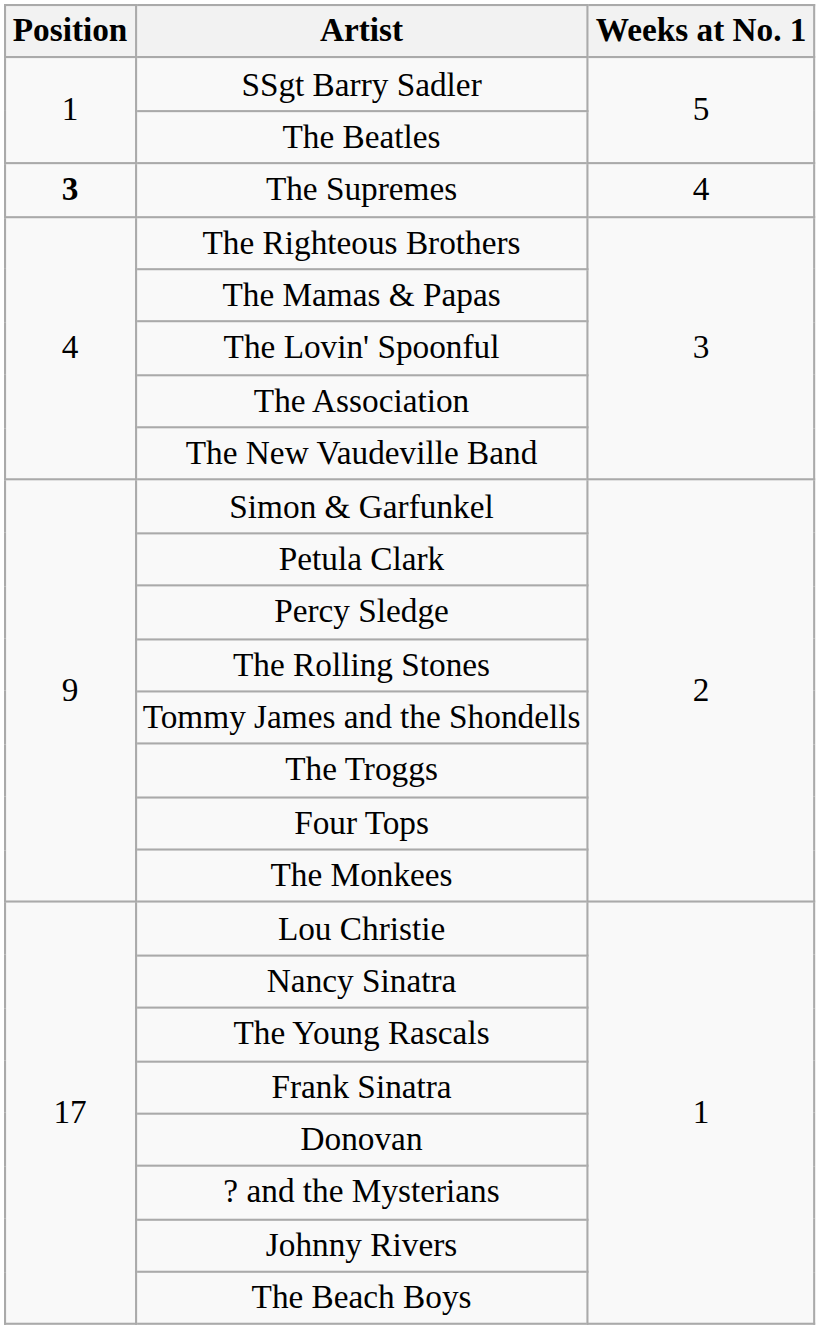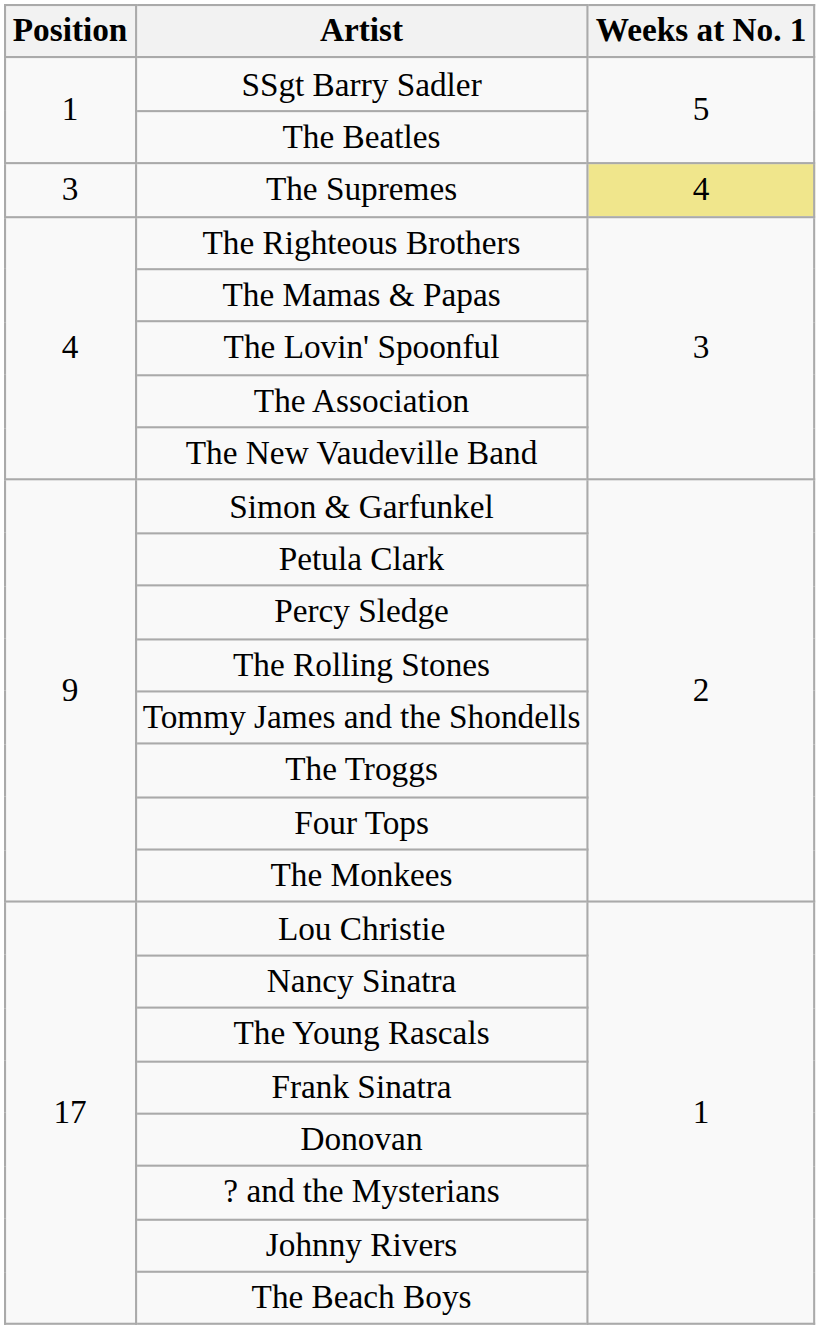 <table class="wikitable plainrowheaders" style="text-align:center;">
 <tr>
 <th>Position</th>
 <th>Artist</th>
 <th>Weeks at No. 1</th>
 </tr>
 <tr>
 <td rowspan=2>1</td>
 <td>SSgt Barry Sadler</td>
 <td rowspan=2>5</td>
 </tr>
 <tr>
 <td>The Beatles</td>
 </tr>
 <tr>
-<td><strong>3</strong></td>
+<td>3</td>
 <td>The Supremes</td>
-<td>4</td>
+<td style="background: khaki;">4</td>
 </tr>
 <tr>
 <td rowspan=5>4</td>
 <td>The Righteous Brothers</td>
 <td rowspan=5>3</td>
 </tr>
 <tr>
 <td>The Mamas & Papas</td>
 </tr>
 <tr>
 <td>The Lovin' Spoonful</td>
 </tr>
 <tr>
 <td>The Association</td>
 </tr>
 <tr>
 <td>The New Vaudeville Band</td>
 </tr>
 <tr>
 <td rowspan=8>9</td>
 <td>Simon & Garfunkel</td>
 <td rowspan=8>2</td>
 </tr>
 <tr>
 <td>Petula Clark</td>
 </tr>
 <tr>
 <td>Percy Sledge</td>
 </tr>
 <tr>
 <td>The Rolling Stones</td>
 </tr>
 <tr>
 <td>Tommy James and the Shondells</td>
 </tr>
 <tr>
 <td>The Troggs</td>
 </tr>
 <tr>
 <td>Four Tops</td>
 </tr>
 <tr>
 <td>The Monkees</td>
 </tr>
 <tr>
 <td rowspan=8>17</td>
 <td>Lou Christie</td>
 <td rowspan=8>1</td>
 </tr>
 <tr>
 <td>Nancy Sinatra</td>
 </tr>
 <tr>
 <td>The Young Rascals</td>
 </tr>
 <tr>
 <td>Frank Sinatra</td>
 </tr>
 <tr>
 <td>Donovan</td>
 </tr>
 <tr>
 <td>? and the Mysterians</td>
 </tr>
 <tr>
 <td>Johnny Rivers</td>
 </tr>
 <tr>
 <td>The Beach Boys</td>
 </tr>
 </table>
